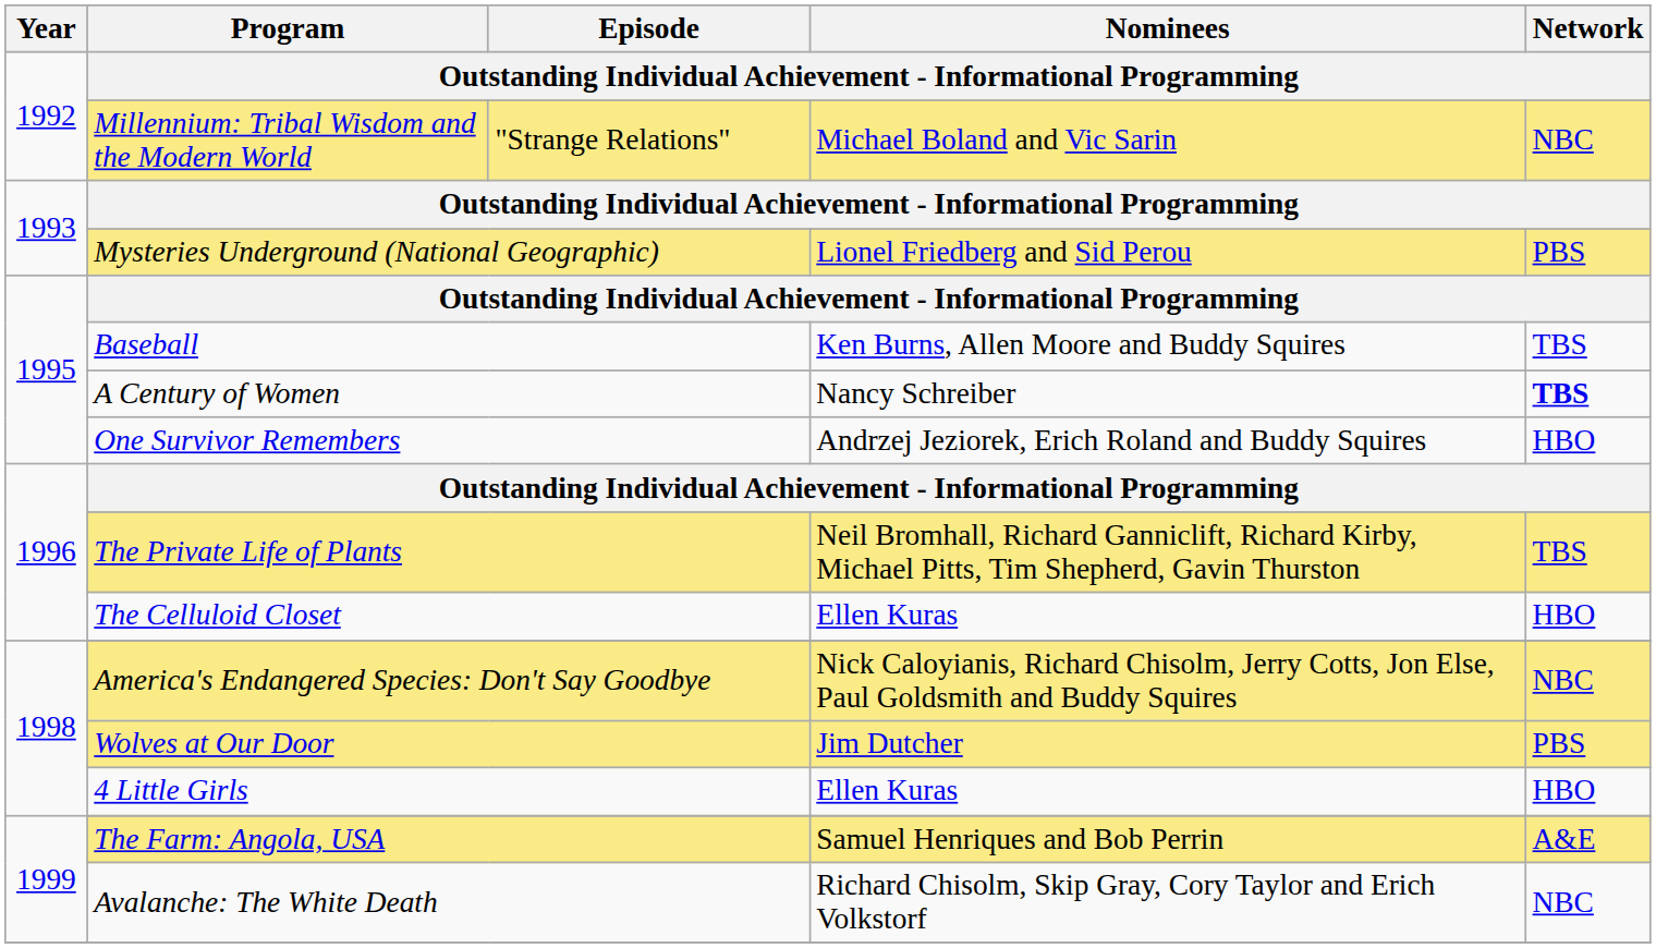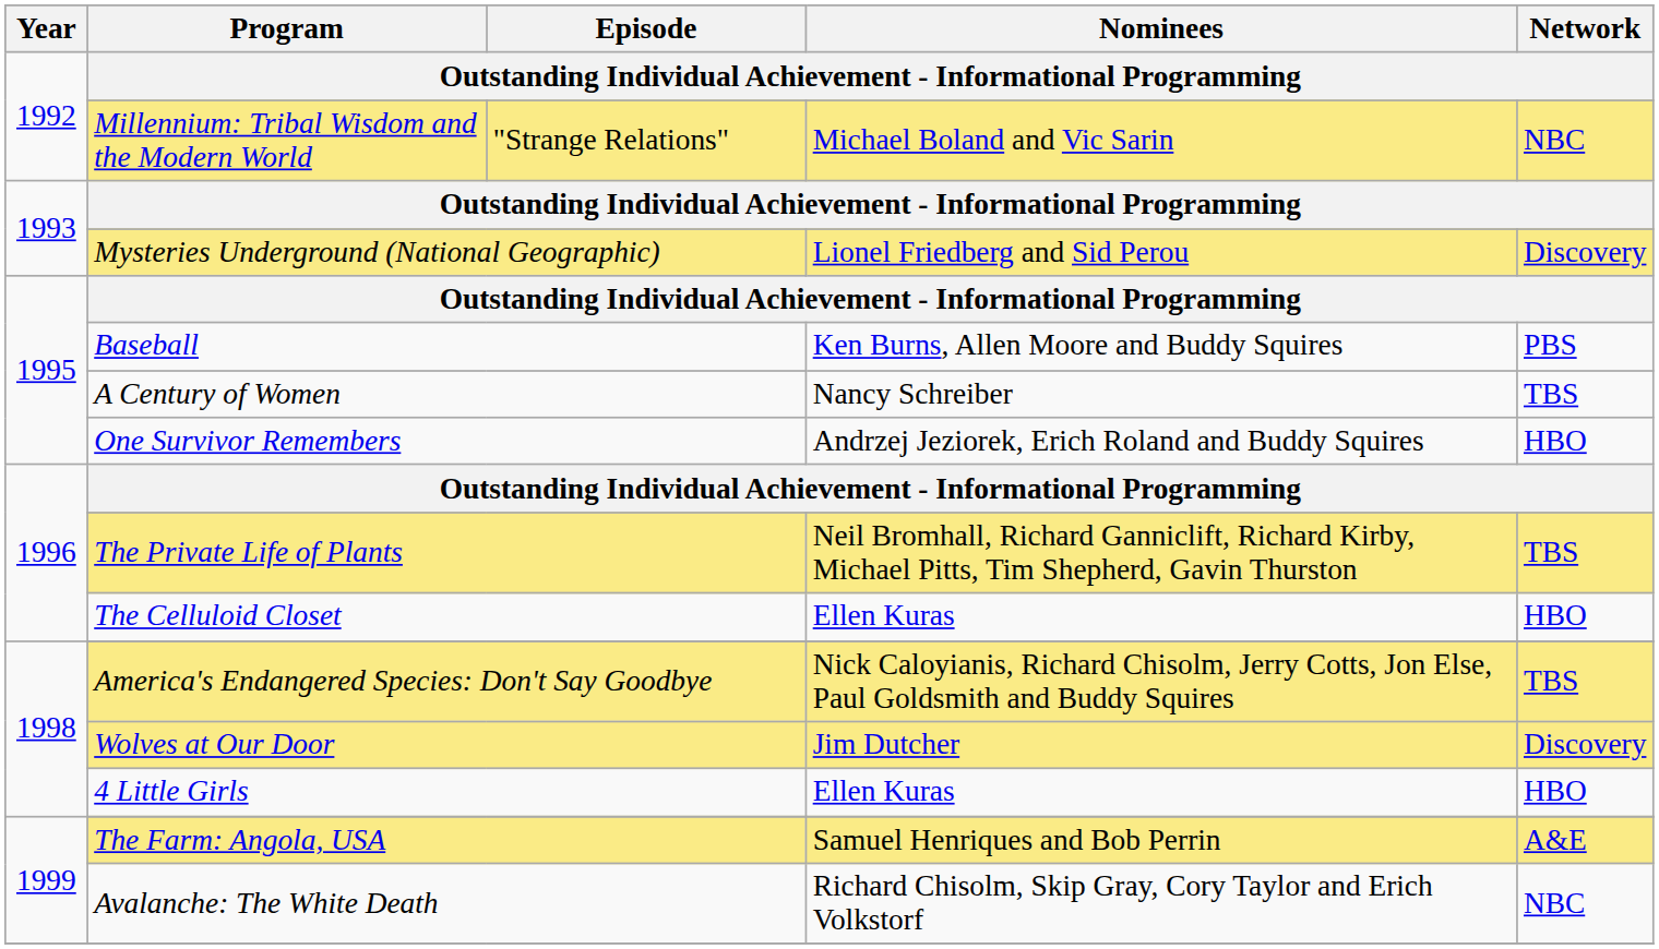 <table class="wikitable" style="width:100%">
 <tr style="background:#bebebe;">
 <th style="width:5%;">Year</th>
 <th style="width:25%;">Program</th>
 <th style="width:20%;">Episode</th>
 <th style="width:45%;">Nominees</th>
 <th style="width:5%;">Network</th>
 </tr>
 <tr>
 <td rowspan=2 style="text-align:center"><a href='#'>1992</a></td>
 <th colspan="4">Outstanding Individual Achievement - Informational Programming</th>
 </tr>
 <tr style="background:#FAEB86;">
 <td><em><a href='#'>Millennium: Tribal Wisdom and the Modern World</a></em></td>
 <td>"Strange Relations"</td>
 <td><a href='#'>Michael Boland</a> and <a href='#'>Vic Sarin</a></td>
 <td><a href='#'>NBC</a></td>
 </tr>
 <tr>
 <td rowspan=2 style="text-align:center"><a href='#'>1993</a></td>
 <th colspan="4">Outstanding Individual Achievement - Informational Programming</th>
 </tr>
 <tr style="background:#FAEB86;">
 <td colspan=2><em>Mysteries Underground (National Geographic)</em></td>
 <td><a href='#'>Lionel Friedberg</a> and <a href='#'>Sid Perou</a></td>
-<td><a href='#'>PBS</a></td>
+<td><a href='#'>Discovery</a></td>
 </tr>
 <tr>
 <td rowspan=4 style="text-align:center"><a href='#'>1995</a></td>
 <th colspan="4">Outstanding Individual Achievement - Informational Programming</th>
 </tr>
 <tr>
 <td colspan=2><em><a href='#'>Baseball</a></em></td>
 <td><a href='#'>Ken Burns</a>, Allen Moore and Buddy Squires</td>
-<td><a href='#'>TBS</a></td>
+<td><a href='#'>PBS</a></td>
 </tr>
 <tr>
 <td colspan=2><em>A Century of Women</em></td>
 <td>Nancy Schreiber</td>
-<td><strong><a href='#'>TBS</a></strong></td>
+<td><a href='#'>TBS</a></td>
 </tr>
 <tr>
 <td colspan=2><em><a href='#'>One Survivor Remembers</a></em></td>
 <td>Andrzej Jeziorek, Erich Roland and Buddy Squires</td>
 <td><a href='#'>HBO</a></td>
 </tr>
 <tr>
 <td rowspan=3 style="text-align:center"><a href='#'>1996</a></td>
 <th colspan="4">Outstanding Individual Achievement - Informational Programming</th>
 </tr>
 <tr style="background:#FAEB86;">
 <td colspan=2><em><a href='#'>The Private Life of Plants</a></em></td>
 <td>Neil Bromhall, Richard Ganniclift, Richard Kirby, Michael Pitts, Tim Shepherd, Gavin Thurston</td>
 <td><a href='#'>TBS</a></td>
 </tr>
 <tr>
 <td colspan=2><em><a href='#'>The Celluloid Closet</a></em></td>
 <td><a href='#'>Ellen Kuras</a></td>
 <td><a href='#'>HBO</a></td>
 </tr>
 <tr>
 <td rowspan=4 style="text-align:center;"><a href='#'>1998</a><br></td>
 </tr>
 <tr style="background:#FAEB86;">
 <td colspan=2><em>America's Endangered Species: Don't Say Goodbye</em></td>
 <td>Nick Caloyianis, Richard Chisolm, Jerry Cotts, Jon Else, Paul Goldsmith and Buddy Squires</td>
-<td><a href='#'>NBC</a></td>
+<td><a href='#'>TBS</a></td>
 </tr>
 <tr style="background:#FAEB86;">
 <td colspan=2><em><a href='#'>Wolves at Our Door</a></em></td>
 <td><a href='#'>Jim Dutcher</a></td>
-<td><a href='#'>PBS</a></td>
+<td><a href='#'>Discovery</a></td>
 </tr>
 <tr>
 <td colspan=2><em><a href='#'>4 Little Girls</a></em></td>
 <td><a href='#'>Ellen Kuras</a></td>
 <td><a href='#'>HBO</a></td>
 </tr>
 <tr>
 <td rowspan=3 style="text-align:center;"><a href='#'>1999</a><br></td>
 </tr>
 <tr style="background:#FAEB86;">
 <td colspan=2><em><a href='#'>The Farm: Angola, USA</a></em></td>
 <td>Samuel Henriques and Bob Perrin</td>
 <td><a href='#'>A&E</a></td>
 </tr>
 <tr>
 <td colspan=2><em>Avalanche: The White Death</em></td>
 <td>Richard Chisolm, Skip Gray, Cory Taylor and Erich Volkstorf</td>
 <td><a href='#'>NBC</a></td>
 </tr>
 <tr>
 </tr>
 </table>
